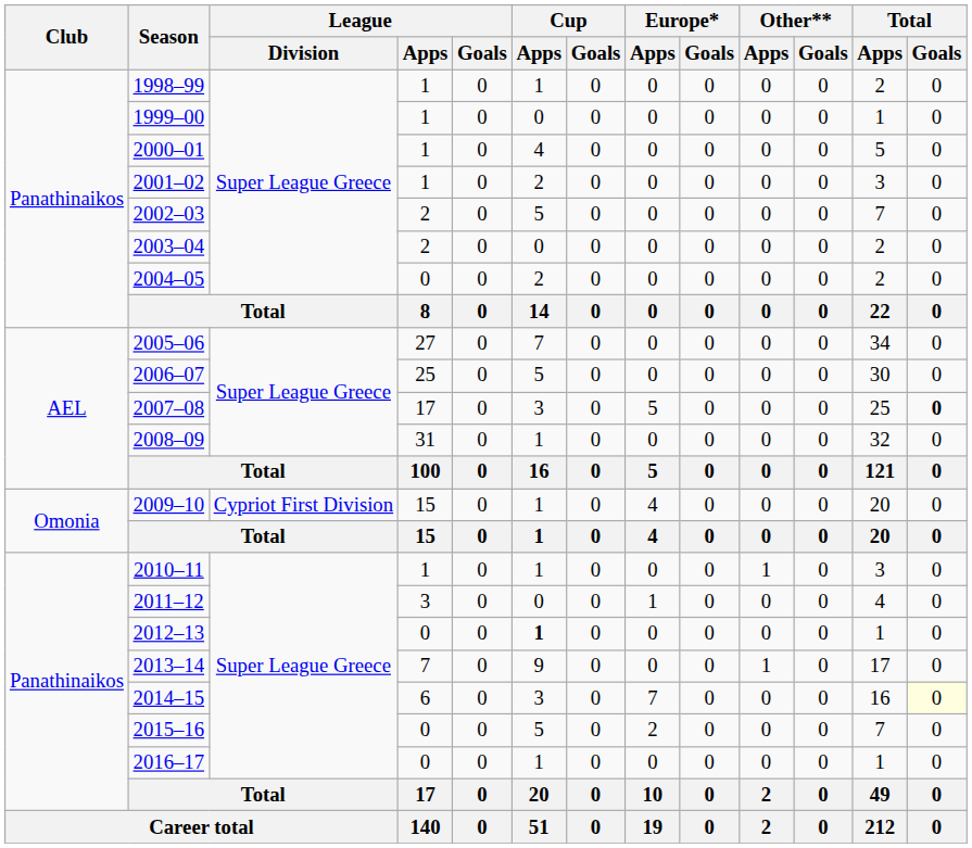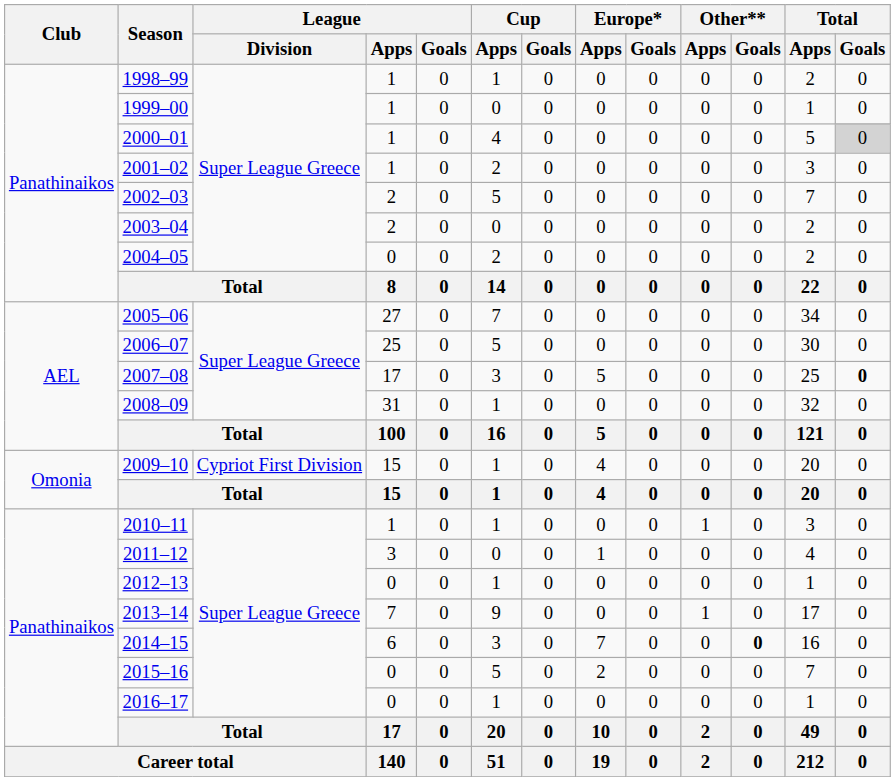 <table class="wikitable" style="text-align: center;">
 <tr>
 <th rowspan="2">Club</th>
 <th rowspan="2">Season</th>
 <th colspan="3">League</th>
 <th colspan="2">Cup</th>
 <th colspan="2">Europe*</th>
 <th colspan="2">Other**</th>
 <th colspan="2">Total</th>
 </tr>
 <tr>
 <th>Division</th>
 <th>Apps</th>
 <th>Goals</th>
 <th>Apps</th>
 <th>Goals</th>
 <th>Apps</th>
 <th>Goals</th>
 <th>Apps</th>
 <th>Goals</th>
 <th>Apps</th>
 <th>Goals</th>
 </tr>
 <tr>
 <td rowspan=8 valign="centre"><a href='#'>Panathinaikos</a></td>
 <td><a href='#'>1998–99</a></td>
 <td rowspan=7><a href='#'>Super League Greece</a></td>
 <td>1</td>
 <td>0</td>
 <td>1</td>
 <td>0</td>
 <td>0</td>
 <td>0</td>
 <td>0</td>
 <td>0</td>
 <td>2</td>
 <td>0</td>
 </tr>
 <tr>
 <td><a href='#'>1999–00</a></td>
 <td>1</td>
 <td>0</td>
 <td>0</td>
 <td>0</td>
 <td>0</td>
 <td>0</td>
 <td>0</td>
 <td>0</td>
 <td>1</td>
 <td>0</td>
 </tr>
 <tr>
 <td><a href='#'>2000–01</a></td>
 <td>1</td>
 <td>0</td>
 <td>4</td>
 <td>0</td>
 <td>0</td>
 <td>0</td>
 <td>0</td>
 <td>0</td>
 <td>5</td>
-<td>0</td>
+<td style="background: lightgrey;">0</td>
 </tr>
 <tr>
 <td><a href='#'>2001–02</a></td>
 <td>1</td>
 <td>0</td>
 <td>2</td>
 <td>0</td>
 <td>0</td>
 <td>0</td>
 <td>0</td>
 <td>0</td>
 <td>3</td>
 <td>0</td>
 </tr>
 <tr>
 <td><a href='#'>2002–03</a></td>
 <td>2</td>
 <td>0</td>
 <td>5</td>
 <td>0</td>
 <td>0</td>
 <td>0</td>
 <td>0</td>
 <td>0</td>
 <td>7</td>
 <td>0</td>
 </tr>
 <tr>
 <td><a href='#'>2003–04</a></td>
 <td>2</td>
 <td>0</td>
 <td>0</td>
 <td>0</td>
 <td>0</td>
 <td>0</td>
 <td>0</td>
 <td>0</td>
 <td>2</td>
 <td>0</td>
 </tr>
 <tr>
 <td><a href='#'>2004–05</a></td>
 <td>0</td>
 <td>0</td>
 <td>2</td>
 <td>0</td>
 <td>0</td>
 <td>0</td>
 <td>0</td>
 <td>0</td>
 <td>2</td>
 <td>0</td>
 </tr>
 <tr>
 <th colspan="2">Total</th>
 <th>8</th>
 <th>0</th>
 <th>14</th>
 <th>0</th>
 <th>0</th>
 <th>0</th>
 <th>0</th>
 <th>0</th>
 <th>22</th>
 <th>0</th>
 </tr>
 <tr>
 <td rowspan=5 valign="centre"><a href='#'>AEL</a></td>
 <td><a href='#'>2005–06</a></td>
 <td rowspan=4><a href='#'>Super League Greece</a></td>
 <td>27</td>
 <td>0</td>
 <td>7</td>
 <td>0</td>
 <td>0</td>
 <td>0</td>
 <td>0</td>
 <td>0</td>
 <td>34</td>
 <td>0</td>
 </tr>
 <tr>
 <td><a href='#'>2006–07</a></td>
 <td>25</td>
 <td>0</td>
 <td>5</td>
 <td>0</td>
 <td>0</td>
 <td>0</td>
 <td>0</td>
 <td>0</td>
 <td>30</td>
 <td>0</td>
 </tr>
 <tr>
 <td><a href='#'>2007–08</a></td>
 <td>17</td>
 <td>0</td>
 <td>3</td>
 <td>0</td>
 <td>5</td>
 <td>0</td>
 <td>0</td>
 <td>0</td>
 <td>25</td>
 <td><strong>0</strong></td>
 </tr>
 <tr>
 <td><a href='#'>2008–09</a></td>
 <td>31</td>
 <td>0</td>
 <td>1</td>
 <td>0</td>
 <td>0</td>
 <td>0</td>
 <td>0</td>
 <td>0</td>
 <td>32</td>
 <td>0</td>
 </tr>
 <tr>
 <th colspan="2">Total</th>
 <th>100</th>
 <th>0</th>
 <th>16</th>
 <th>0</th>
 <th>5</th>
 <th>0</th>
 <th>0</th>
 <th>0</th>
 <th>121</th>
 <th>0</th>
 </tr>
 <tr>
 <td rowspan="2" valign="centre"><a href='#'>Omonia</a></td>
 <td><a href='#'>2009–10</a></td>
 <td><a href='#'>Cypriot First Division</a></td>
 <td>15</td>
 <td>0</td>
 <td>1</td>
 <td>0</td>
 <td>4</td>
 <td>0</td>
 <td>0</td>
 <td>0</td>
 <td>20</td>
 <td>0</td>
 </tr>
 <tr>
 <th colspan="2">Total</th>
 <th>15</th>
 <th>0</th>
 <th>1</th>
 <th>0</th>
 <th>4</th>
 <th>0</th>
 <th>0</th>
 <th>0</th>
 <th>20</th>
 <th>0</th>
 </tr>
 <tr>
 <td rowspan=8 valign="centre"><a href='#'>Panathinaikos</a></td>
 <td><a href='#'>2010–11</a></td>
 <td rowspan=7><a href='#'>Super League Greece</a></td>
 <td>1</td>
 <td>0</td>
 <td>1</td>
 <td>0</td>
 <td>0</td>
 <td>0</td>
 <td>1</td>
 <td>0</td>
 <td>3</td>
 <td>0</td>
 </tr>
 <tr>
 <td><a href='#'>2011–12</a></td>
 <td>3</td>
 <td>0</td>
 <td>0</td>
 <td>0</td>
 <td>1</td>
 <td>0</td>
 <td>0</td>
 <td>0</td>
 <td>4</td>
 <td>0</td>
 </tr>
 <tr>
 <td><a href='#'>2012–13</a></td>
 <td>0</td>
 <td>0</td>
-<td><strong>1</strong></td>
+<td>1</td>
 <td>0</td>
 <td>0</td>
 <td>0</td>
 <td>0</td>
 <td>0</td>
 <td>1</td>
 <td>0</td>
 </tr>
 <tr>
 <td><a href='#'>2013–14</a></td>
 <td>7</td>
 <td>0</td>
 <td>9</td>
 <td>0</td>
 <td>0</td>
 <td>0</td>
 <td>1</td>
 <td>0</td>
 <td>17</td>
 <td>0</td>
 </tr>
 <tr>
 <td><a href='#'>2014–15</a></td>
 <td>6</td>
 <td>0</td>
 <td>3</td>
 <td>0</td>
 <td>7</td>
 <td>0</td>
 <td>0</td>
+<td><strong>0</strong></td>
+<td>16</td>
 <td>0</td>
-<td>16</td>
-<td style="background: lightyellow;">0</td>
 </tr>
 <tr>
 <td><a href='#'>2015–16</a></td>
 <td>0</td>
 <td>0</td>
 <td>5</td>
 <td>0</td>
 <td>2</td>
 <td>0</td>
 <td>0</td>
 <td>0</td>
 <td>7</td>
 <td>0</td>
 </tr>
 <tr>
 <td><a href='#'>2016–17</a></td>
 <td>0</td>
 <td>0</td>
 <td>1</td>
 <td>0</td>
 <td>0</td>
 <td>0</td>
 <td>0</td>
 <td>0</td>
 <td>1</td>
 <td>0</td>
 </tr>
 <tr>
 <th colspan="2">Total</th>
 <th>17</th>
 <th>0</th>
 <th>20</th>
 <th>0</th>
 <th>10</th>
 <th>0</th>
 <th>2</th>
 <th>0</th>
 <th>49</th>
 <th>0</th>
 </tr>
 <tr>
 <th colspan="3">Career total</th>
 <th>140</th>
 <th>0</th>
 <th>51</th>
 <th>0</th>
 <th>19</th>
 <th>0</th>
 <th>2</th>
 <th>0</th>
 <th>212</th>
 <th>0</th>
 </tr>
 </table>
